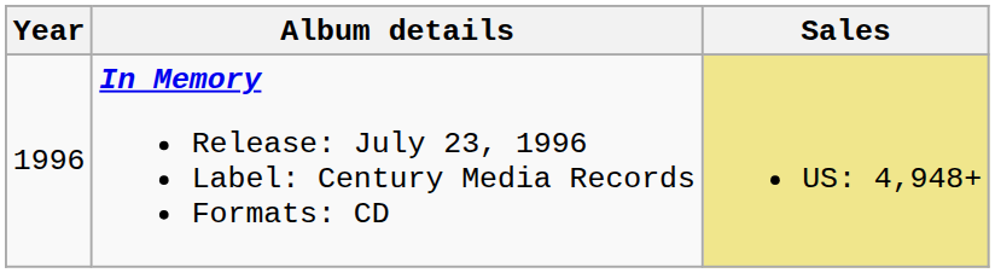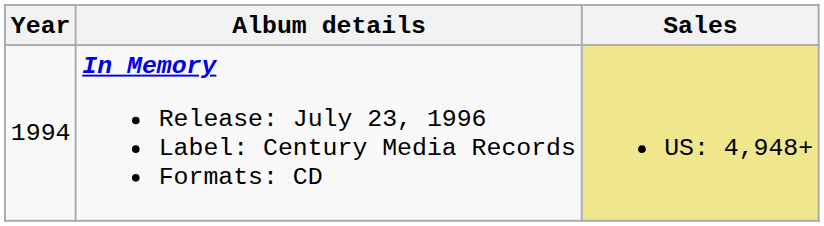 <table class ="wikitable">
 <tr>
 <th scope="col">Year</th>
 <th scope="col">Album details</th>
 <th scope="col">Sales</th>
 </tr>
 <tr>
-<td align="center">1996</td>
+<td align="center">1994</td>
 <td><strong><em><a href='#'>In Memory</a></em></strong><br><ul><li>Release: July 23, 1996</li><li>Label: Century Media Records</li><li>Formats: CD</li></ul></td>
 <td style="background: khaki;"><br><ul><li>US: 4,948+</li></ul></td>
 </tr>
 </table>
